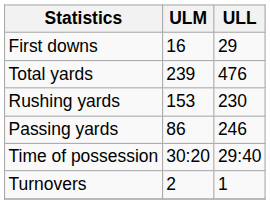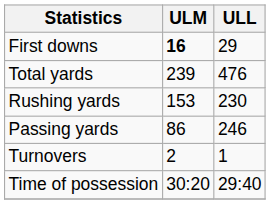 <table class="wikitable" style="float: left;">
 <tr>
 <th>Statistics</th>
 <th>ULM</th>
 <th>ULL</th>
 </tr>
 <tr>
 <td>First downs</td>
-<td>16</td>
+<td><strong>16</strong></td>
 <td>29</td>
 </tr>
 <tr>
 <td>Total yards</td>
 <td>239</td>
 <td>476</td>
 </tr>
 <tr>
 <td>Rushing yards</td>
 <td>153</td>
 <td>230</td>
 </tr>
 <tr>
 <td>Passing yards</td>
 <td>86</td>
 <td>246</td>
 </tr>
 <tr>
+<td>Turnovers</td>
+<td>2</td>
+<td>1</td>
+</tr>
+<tr>
 <td>Time of possession</td>
 <td>30:20</td>
 <td>29:40</td>
 </tr>
 <tr>
-<td>Turnovers</td>
-<td>2</td>
-<td>1</td>
-</tr>
-<tr>
 </tr>
 </table>
